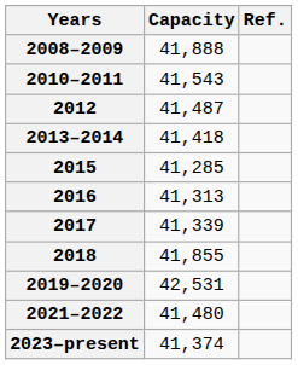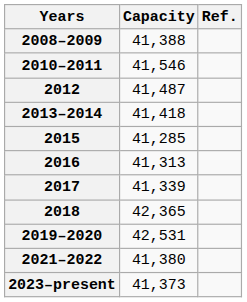 <table class=wikitable style="text-align: center;">
 <tr>
 <th scope="row">Years</th>
 <th scope="row">Capacity</th>
 <th scope="row">Ref.</th>
 </tr>
 <tr>
 <th scope="row">2008–2009</th>
-<td>41,888</td>
+<td>41,388</td>
 <td></td>
 </tr>
 <tr>
 <th scope="row">2010–2011</th>
-<td>41,543</td>
+<td>41,546</td>
 <td></td>
 </tr>
 <tr>
 <th scope="row">2012</th>
 <td>41,487</td>
 <td></td>
 </tr>
 <tr>
 <th scope="row">2013–2014</th>
 <td>41,418</td>
 <td></td>
 </tr>
 <tr>
 <th scope="row">2015</th>
 <td>41,285</td>
 <td></td>
 </tr>
 <tr>
 <th scope="row">2016</th>
 <td>41,313</td>
 <td></td>
 </tr>
 <tr>
 <th scope="row">2017</th>
 <td>41,339</td>
 <td></td>
 </tr>
 <tr>
 <th scope="row">2018</th>
-<td>41,855</td>
+<td>42,365</td>
 <td></td>
 </tr>
 <tr>
 <th scope="row">2019–2020</th>
 <td>42,531</td>
 <td></td>
 </tr>
 <tr>
 <th scope="row">2021–2022</th>
-<td>41,480</td>
+<td>41,380</td>
 <td></td>
 </tr>
 <tr>
 <th scope="row">2023–present</th>
-<td>41,374</td>
+<td>41,373</td>
 <td></td>
 </tr>
 </table>
